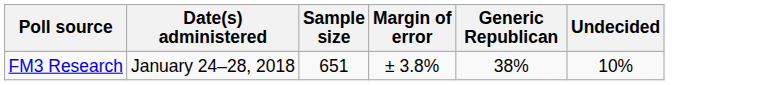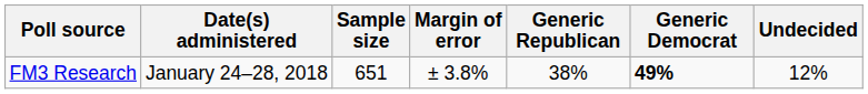 <table class="wikitable">
 <tr>
 <th>Poll source</th>
 <th>Date(s)<br>administered</th>
 <th>Sample<br>size</th>
 <th>Margin of<br>error</th>
 <th style="width:95px;">Generic<br>Republican</th>
+<th style="width:95px;">Generic<br>Democrat</th>
 <th>Undecided</th>
 </tr>
 <tr>
 <td><a href='#'>FM3 Research</a></td>
 <td style="text-align:center">January 24–28, 2018</td>
 <td style="text-align:center">651</td>
 <td style="text-align:center">± 3.8%</td>
 <td style="text-align:center">38%</td>
-<td style="text-align:center">10%</td>
+<td style="background-color:"><strong>49%</strong></td>
+<td style="text-align:center">12%</td>
 </tr>
 </table>
